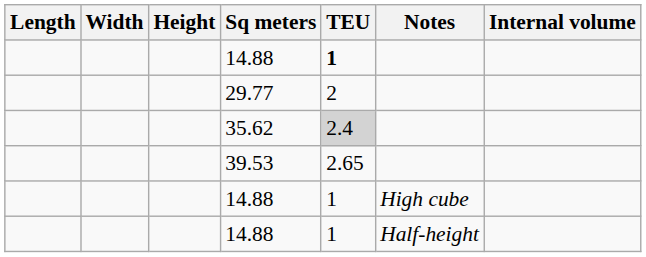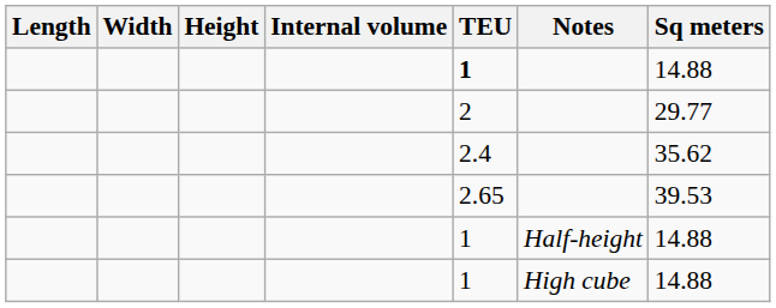 <table class="wikitable sortable" style="margin-left:1em; font-size:95%;">
 <tr>
 <th>Length</th>
 <th>Width</th>
 <th>Height</th>
-<th>Sq meters</th>
+<th>Internal volume</th>
 <th>TEU</th>
 <th class="unsortable">Notes</th>
-<th>Internal volume</th>
+<th>Sq meters</th>
 </tr>
 <tr>
 <td></td>
 <td></td>
 <td></td>
-<td>14.88</td>
+<td></td>
 <td><strong>1</strong></td>
 <td></td>
-<td></td>
+<td>14.88</td>
 </tr>
 <tr>
 <td></td>
 <td></td>
 <td></td>
-<td>29.77</td>
+<td></td>
 <td>2</td>
 <td></td>
-<td></td>
+<td>29.77</td>
 </tr>
 <tr>
 <td></td>
 <td></td>
 <td></td>
+<td></td>
+<td>2.4</td>
+<td></td>
 <td>35.62</td>
-<td style="background: lightgrey;">2.4</td>
-<td></td>
-<td></td>
 </tr>
 <tr>
 <td></td>
 <td></td>
 <td></td>
-<td>39.53</td>
+<td></td>
 <td>2.65</td>
 <td></td>
-<td></td>
+<td>39.53</td>
 </tr>
 <tr>
 <td></td>
 <td></td>
 <td></td>
+<td></td>
+<td>1</td>
+<td><em>Half-height</em></td>
 <td>14.88</td>
-<td>1</td>
-<td><em>High cube</em></td>
-<td></td>
 </tr>
 <tr>
 <td></td>
 <td></td>
 <td></td>
+<td></td>
+<td>1</td>
+<td><em>High cube</em></td>
 <td>14.88</td>
-<td>1</td>
-<td><em>Half-height</em></td>
-<td></td>
 </tr>
 </table>
